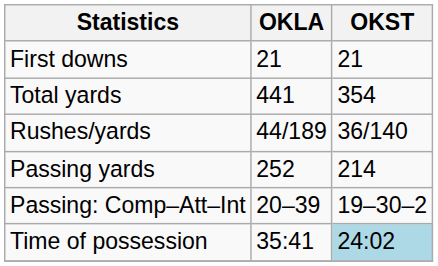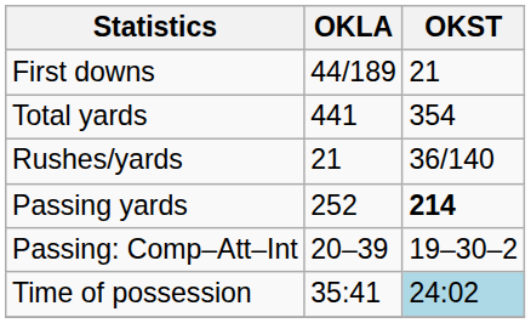 <table class="wikitable" style="float: left;">
 <tr>
 <th>Statistics</th>
 <th>OKLA</th>
 <th>OKST</th>
 </tr>
 <tr>
 <td>First downs</td>
-<td>21</td>
+<td>44/189</td>
 <td>21</td>
 </tr>
 <tr>
 <td>Total yards</td>
 <td>441</td>
 <td>354</td>
 </tr>
 <tr>
 <td>Rushes/yards</td>
-<td>44/189</td>
+<td>21</td>
 <td>36/140</td>
 </tr>
 <tr>
 <td>Passing yards</td>
 <td>252</td>
-<td>214</td>
+<td><strong>214</strong></td>
 </tr>
 <tr>
 <td>Passing: Comp–Att–Int</td>
 <td>20–39</td>
 <td>19–30–2</td>
 </tr>
 <tr>
 <td>Time of possession</td>
 <td>35:41</td>
 <td style="background: lightblue;">24:02</td>
 </tr>
 <tr>
 </tr>
 </table>
